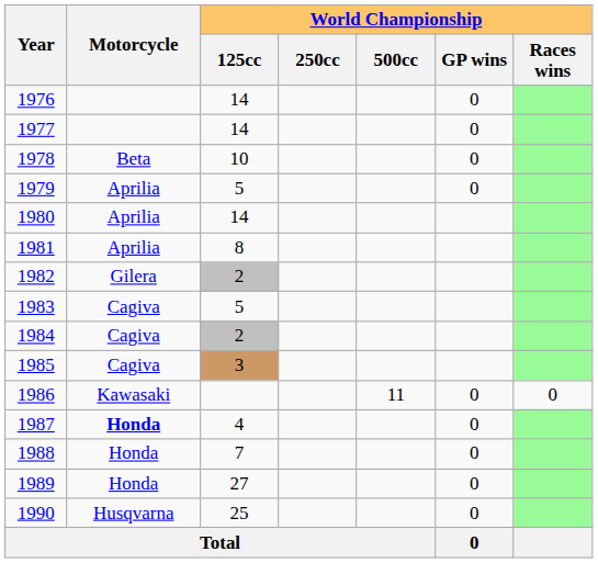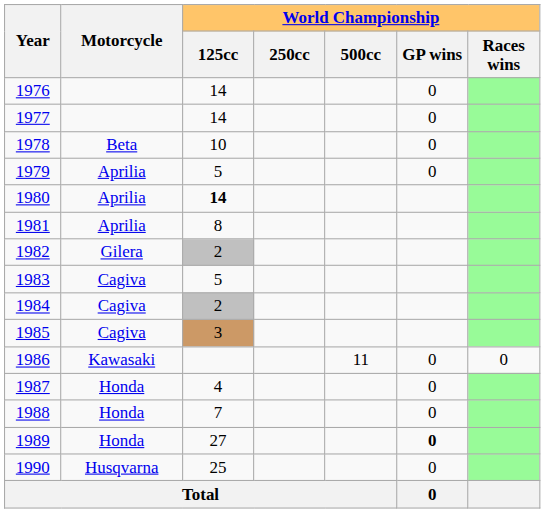 <table class="wikitable" width=40% style="font-size:100%; text-align:center;">
 <tr>
 <th rowspan=2>Year</th>
 <th rowspan=2>Motorcycle</th>
 <th style="background-color:#FFC569" colspan=5><a href='#'>World Championship</a></th>
 </tr>
 <tr>
 <th width=60>125cc</th>
 <th width=60>250cc</th>
 <th width=60>500cc</th>
 <th width=60>GP wins</th>
 <th width=60>Races wins</th>
 </tr>
 <tr>
 <td><a href='#'>1976</a></td>
 <td></td>
 <td>14</td>
 <td></td>
 <td></td>
 <td>0</td>
 <td bgcolor=palegreen></td>
 </tr>
 <tr>
 <td><a href='#'>1977</a></td>
 <td></td>
 <td>14</td>
 <td></td>
 <td></td>
 <td>0</td>
 <td bgcolor=palegreen></td>
 </tr>
 <tr>
 <td><a href='#'>1978</a></td>
 <td><a href='#'>Beta</a></td>
 <td>10</td>
 <td></td>
 <td></td>
 <td>0</td>
 <td bgcolor=palegreen></td>
 </tr>
 <tr>
 <td><a href='#'>1979</a></td>
 <td><a href='#'>Aprilia</a></td>
 <td>5</td>
 <td></td>
 <td></td>
 <td>0</td>
 <td bgcolor=palegreen></td>
 </tr>
 <tr>
 <td><a href='#'>1980</a></td>
 <td><a href='#'>Aprilia</a></td>
-<td>14</td>
+<td><strong>14</strong></td>
 <td></td>
 <td></td>
 <td></td>
 <td bgcolor=palegreen></td>
 </tr>
 <tr>
 <td><a href='#'>1981</a></td>
 <td><a href='#'>Aprilia</a></td>
 <td>8</td>
 <td></td>
 <td></td>
 <td></td>
 <td bgcolor=palegreen></td>
 </tr>
 <tr>
 <td><a href='#'>1982</a></td>
 <td><a href='#'>Gilera</a></td>
 <td bgcolor=silver>2</td>
 <td></td>
 <td></td>
 <td></td>
 <td bgcolor=palegreen></td>
 </tr>
 <tr>
 <td><a href='#'>1983</a></td>
 <td><a href='#'>Cagiva</a></td>
 <td>5</td>
 <td></td>
 <td></td>
 <td></td>
 <td bgcolor=palegreen></td>
 </tr>
 <tr>
 <td><a href='#'>1984</a></td>
 <td><a href='#'>Cagiva</a></td>
 <td bgcolor=silver>2</td>
 <td></td>
 <td></td>
 <td></td>
 <td bgcolor=palegreen></td>
 </tr>
 <tr>
 <td><a href='#'>1985</a></td>
 <td><a href='#'>Cagiva</a></td>
 <td bgcolor=cc9966>3</td>
 <td></td>
 <td></td>
 <td></td>
 <td bgcolor=palegreen></td>
 </tr>
 <tr>
 <td><a href='#'>1986</a></td>
 <td><a href='#'>Kawasaki</a></td>
 <td></td>
 <td></td>
 <td>11</td>
 <td>0</td>
 <td>0</td>
 </tr>
 <tr>
 <td><a href='#'>1987</a></td>
-<td><strong><a href='#'>Honda</a></strong></td>
+<td><a href='#'>Honda</a></td>
 <td>4</td>
 <td></td>
 <td></td>
 <td>0</td>
 <td bgcolor=palegreen></td>
 </tr>
 <tr>
 <td><a href='#'>1988</a></td>
 <td><a href='#'>Honda</a></td>
 <td>7</td>
 <td></td>
 <td></td>
 <td>0</td>
 <td bgcolor=palegreen></td>
 </tr>
 <tr>
 <td><a href='#'>1989</a></td>
 <td><a href='#'>Honda</a></td>
 <td>27</td>
 <td></td>
 <td></td>
-<td>0</td>
+<td><strong>0</strong></td>
 <td bgcolor=palegreen></td>
 </tr>
 <tr>
 <td><a href='#'>1990</a></td>
 <td><a href='#'>Husqvarna</a></td>
 <td>25</td>
 <td></td>
 <td></td>
 <td>0</td>
 <td bgcolor=palegreen></td>
 </tr>
 <tr>
 <th colspan=5>Total</th>
 <th>0</th>
 <th></th>
 </tr>
 </table>
